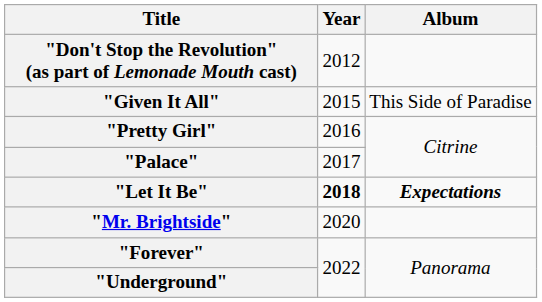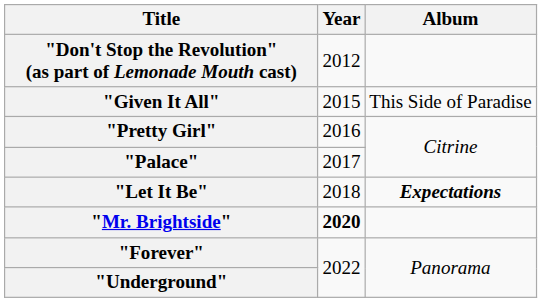 <table class="wikitable plainrowheaders" style="text-align:center;" border="1">
 <tr>
 <th scope="col" style="width:16em;">Title</th>
 <th scope="col">Year</th>
 <th scope="col">Album</th>
 </tr>
 <tr>
 <th scope="row">"Don't Stop the Revolution"<br><span>(as part of <em>Lemonade Mouth</em> cast)</span></th>
 <td>2012</td>
 <td></td>
 </tr>
 <tr>
 <th scope="row">"Given It All"</th>
 <td>2015</td>
 <td>This Side of Paradise</td>
 </tr>
 <tr>
 <th scope="row">"Pretty Girl"</th>
 <td>2016</td>
 <td rowspan="2"><em>Citrine</em></td>
 </tr>
 <tr>
 <th scope="row">"Palace"</th>
 <td>2017</td>
 </tr>
 <tr>
 <th scope="row">"Let It Be"</th>
-<td><strong>2018</strong></td>
+<td>2018</td>
 <td><strong><em>Expectations</em></strong></td>
 </tr>
 <tr>
 <th scope="row">"<a href='#'>Mr. Brightside</a>"</th>
-<td>2020</td>
+<td><strong>2020</strong></td>
 <td></td>
 </tr>
 <tr>
 <th scope="row">"Forever"<br></th>
 <td rowspan="2">2022</td>
 <td rowspan="2"><em>Panorama</em></td>
 </tr>
 <tr>
 <th scope="row">"Underground"</th>
 </tr>
 </table>
